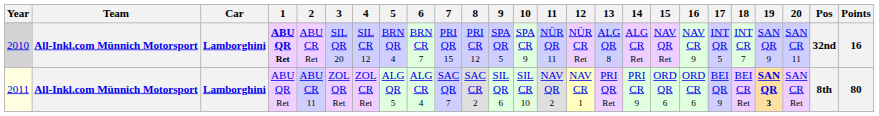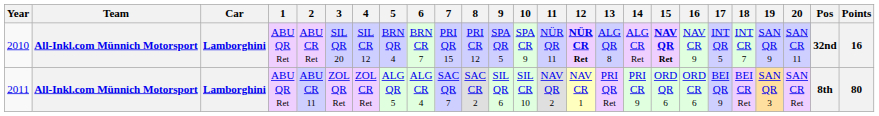 <table class="wikitable" border="1" style="text-align:center; font-size:90%;">
 <tr>
 <th>Year</th>
 <th>Team</th>
 <th>Car</th>
 <th>1</th>
 <th>2</th>
 <th>3</th>
 <th>4</th>
 <th>5</th>
 <th>6</th>
 <th>7</th>
 <th>8</th>
 <th>9</th>
 <th>10</th>
 <th>11</th>
 <th>12</th>
 <th>13</th>
 <th>14</th>
 <th>15</th>
 <th>16</th>
 <th>17</th>
 <th>18</th>
 <th>19</th>
 <th>20</th>
 <th>Pos</th>
 <th>Points</th>
 </tr>
 <tr>
-<td style="background: lightgrey;"><a href='#'>2010</a></td>
+<td><a href='#'>2010</a></td>
 <th><a href='#'>All-Inkl.com Münnich Motorsport</a></th>
 <th><a href='#'>Lamborghini</a></th>
-<td style="background:#EFCFFF;"><strong><a href='#'>ABU<br>QR</a><br><small>Ret<br></small></strong></td>
+<td style="background:#EFCFFF;"><a href='#'>ABU<br>QR</a><br><small>Ret<br></small></td>
 <td style="background:#EFCFFF;"><a href='#'>ABU<br>CR</a><br><small>Ret<br></small></td>
 <td style="background:#CFCFFF;"><a href='#'>SIL<br>QR</a><br><small>20<br></small></td>
 <td style="background:#CFCFFF;"><a href='#'>SIL<br>CR</a><br><small>12<br></small></td>
 <td style="background:#CFCFFF;"><a href='#'>BRN<br>QR</a><br><small>4<br></small></td>
 <td style="background:#DFFFDF;"><a href='#'>BRN<br>CR</a><br><small>7<br></small></td>
 <td style="background:#CFCFFF;"><a href='#'>PRI<br>QR</a><br><small>15<br></small></td>
 <td style="background:#CFCFFF;"><a href='#'>PRI<br>CR</a><br><small>12<br></small></td>
 <td style="background:#CFCFFF;"><a href='#'>SPA<br>QR</a><br><small>5<br></small></td>
 <td style="background:#DFFFDF;"><a href='#'>SPA<br>CR</a><br><small>9<br></small></td>
 <td style="background:#CFCFFF;"><a href='#'>NÜR<br>QR</a><br><small>11<br></small></td>
-<td style="background:#EFCFFF;"><a href='#'>NÜR<br>CR</a><br><small>Ret<br></small></td>
+<td style="background:#EFCFFF;"><strong><a href='#'>NÜR<br>CR</a><br><small>Ret<br></small></strong></td>
 <td style="background:#CFCFFF;"><a href='#'>ALG<br>QR</a><br><small>8<br></small></td>
 <td style="background:#EFCFFF;"><a href='#'>ALG<br>CR</a><br><small>Ret<br></small></td>
-<td style="background:#EFCFFF;"><a href='#'>NAV<br>QR</a><br><small>Ret<br></small></td>
+<td style="background:#EFCFFF;"><strong><a href='#'>NAV<br>QR</a><br><small>Ret<br></small></strong></td>
 <td style="background:#DFFFDF;"><a href='#'>NAV<br>CR</a><br><small>9<br></small></td>
 <td style="background:#CFCFFF;"><a href='#'>INT<br>QR</a><br><small>5<br></small></td>
 <td style="background:#DFFFDF;"><a href='#'>INT<br>CR</a><br><small>7<br></small></td>
 <td style="background:#CFCFFF;"><a href='#'>SAN<br>QR</a><br><small>9<br></small></td>
 <td style="background:#CFCFFF;"><a href='#'>SAN<br>CR</a><br><small>11<br></small></td>
 <th>32nd</th>
 <th>16</th>
 </tr>
 <tr>
-<td style="background: lightyellow;"><a href='#'>2011</a></td>
+<td><a href='#'>2011</a></td>
 <th><a href='#'>All-Inkl.com Münnich Motorsport</a></th>
 <th><a href='#'>Lamborghini</a></th>
 <td style="background:#EFCFFF;"><a href='#'>ABU<br>QR</a><br><small>Ret<br></small></td>
 <td style="background:#CFCFFF;"><a href='#'>ABU<br>CR</a><br><small>11<br></small></td>
 <td style="background:#EFCFFF;"><a href='#'>ZOL<br>QR</a><br><small>Ret<br></small></td>
 <td style="background:#EFCFFF;"><a href='#'>ZOL<br>CR</a><br><small>Ret<br></small></td>
 <td style="background:#DFFFDF;"><a href='#'>ALG<br>QR</a><br><small>5<br></small></td>
 <td style="background:#DFFFDF;"><a href='#'>ALG<br>CR</a><br><small>4<br></small></td>
 <td style="background:#CFCFFF;"><a href='#'>SAC<br>QR</a><br><small>7<br></small></td>
 <td style="background:#DFDFDF;"><a href='#'>SAC<br>CR</a><br><small>2<br></small></td>
 <td style="background:#DFFFDF;"><a href='#'>SIL<br>QR</a><br><small>6<br></small></td>
 <td style="background:#DFFFDF;"><a href='#'>SIL<br>CR</a><br><small>10<br></small></td>
 <td style="background:#DFDFDF;"><a href='#'>NAV<br>QR</a><br><small>2<br></small></td>
 <td style="background:#FFFFBF;"><a href='#'>NAV<br>CR</a><br><small>1<br></small></td>
 <td style="background:#EFCFFF;"><a href='#'>PRI<br>QR</a><br><small>Ret<br></small></td>
 <td style="background:#DFFFDF;"><a href='#'>PRI<br>CR</a><br><small>9<br></small></td>
 <td style="background:#DFFFDF;"><a href='#'>ORD<br>QR</a><br><small>6<br></small></td>
 <td style="background:#DFFFDF;"><a href='#'>ORD<br>CR</a><br><small>6<br></small></td>
 <td style="background:#CFCFFF;"><a href='#'>BEI<br>QR</a><br><small>9<br></small></td>
 <td style="background:#EFCFFF;"><a href='#'>BEI<br>CR</a><br><small>Ret<br></small></td>
-<td style="background:#FFDF9F;"><strong><a href='#'>SAN<br>QR</a><br><small>3<br></small></strong></td>
+<td style="background:#FFDF9F;"><a href='#'>SAN<br>QR</a><br><small>3<br></small></td>
 <td style="background:#EFCFFF;"><a href='#'>SAN<br>CR</a><br><small>Ret<br></small></td>
 <th>8th</th>
 <th>80</th>
 </tr>
 </table>
